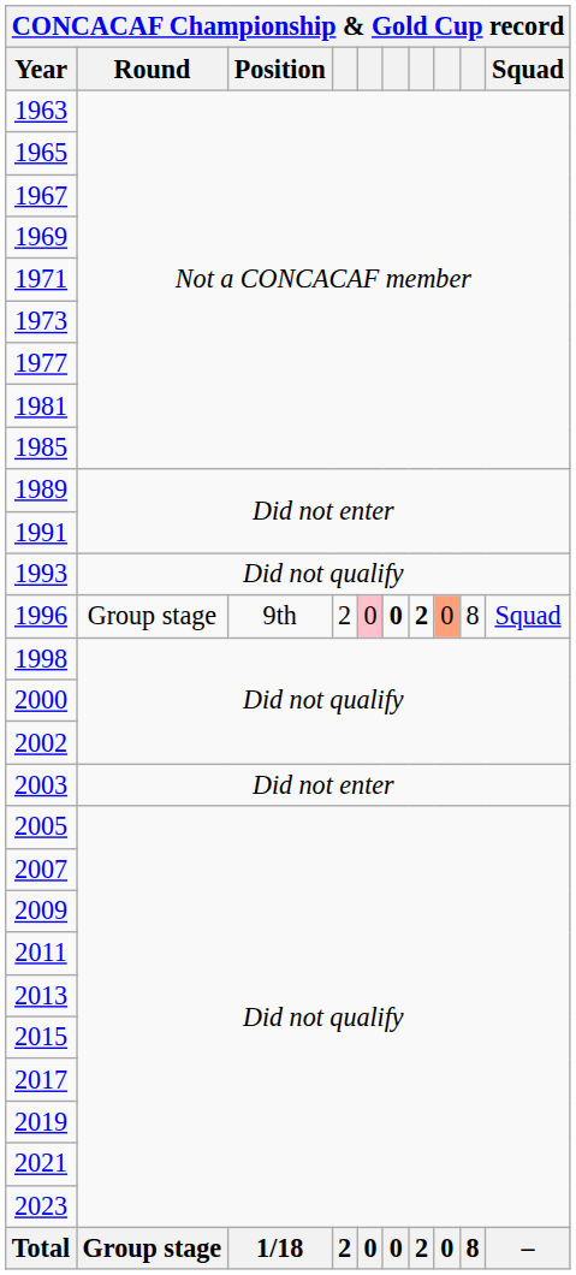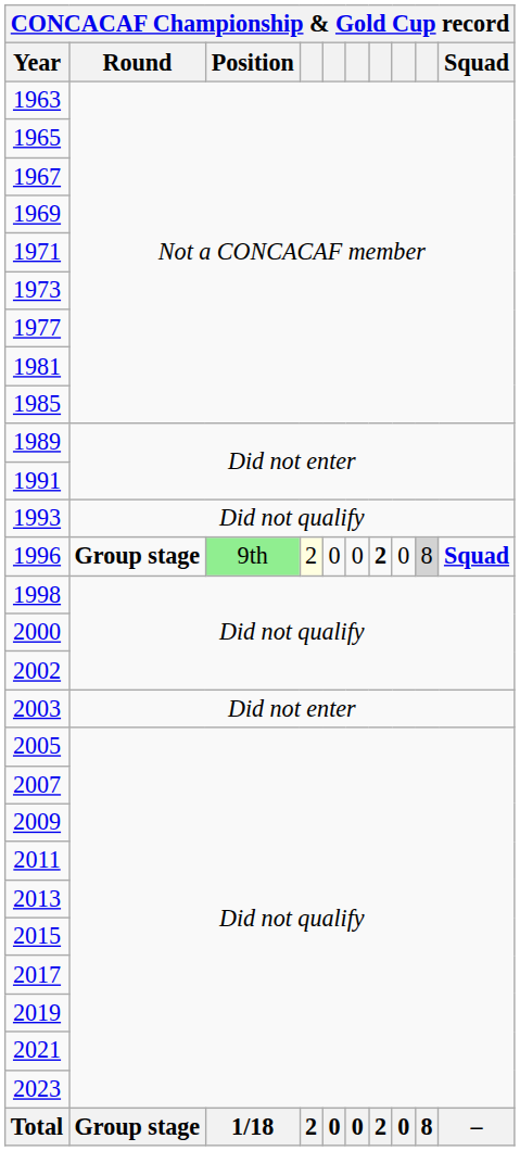 <table class="wikitable" style="text-align: center;">
 <tr>
 <th colspan=10><a href='#'>CONCACAF Championship</a> & <a href='#'>Gold Cup</a> record</th>
 </tr>
 <tr>
 <th>Year</th>
 <th>Round</th>
 <th>Position</th>
 <th></th>
 <th></th>
 <th></th>
 <th></th>
 <th></th>
 <th></th>
 <th>Squad</th>
 </tr>
 <tr>
 <td> <a href='#'>1963</a></td>
 <td colspan=9 rowspan=9><em>Not a CONCACAF member</em></td>
 </tr>
 <tr>
 <td> <a href='#'>1965</a></td>
 </tr>
 <tr>
 <td> <a href='#'>1967</a></td>
 </tr>
 <tr>
 <td> <a href='#'>1969</a></td>
 </tr>
 <tr>
 <td> <a href='#'>1971</a></td>
 </tr>
 <tr>
 <td> <a href='#'>1973</a></td>
 </tr>
 <tr>
 <td> <a href='#'>1977</a></td>
 </tr>
 <tr>
 <td> <a href='#'>1981</a></td>
 </tr>
 <tr>
 <td><a href='#'>1985</a></td>
 </tr>
 <tr>
 <td><a href='#'>1989</a></td>
 <td colspan=9 rowspan=2><em>Did not enter</em></td>
 </tr>
 <tr>
 <td> <a href='#'>1991</a></td>
 </tr>
 <tr>
 <td>  <a href='#'>1993</a></td>
 <td colspan=9><em>Did not qualify</em></td>
 </tr>
 <tr>
 <td> <a href='#'>1996</a></td>
-<td>Group stage</td>
-<td>9th</td>
-<td>2</td>
-<td style="background: pink;">0</td>
-<td><strong>0</strong></td>
+<td><strong>Group stage</strong></td>
+<td style="background: lightgreen;">9th</td>
+<td style="background: lightyellow;">2</td>
+<td>0</td>
+<td>0</td>
 <td><strong>2</strong></td>
-<td style="background: lightsalmon;">0</td>
-<td>8</td>
-<td><a href='#'>Squad</a></td>
+<td>0</td>
+<td style="background: lightgrey;">8</td>
+<td><strong><a href='#'>Squad</a></strong></td>
 </tr>
 <tr>
 <td> <a href='#'>1998</a></td>
 <td colspan=9 rowspan=3><em>Did not qualify</em></td>
 </tr>
 <tr>
 <td> <a href='#'>2000</a></td>
 </tr>
 <tr>
 <td> <a href='#'>2002</a></td>
 </tr>
 <tr>
 <td>  <a href='#'>2003</a></td>
 <td colspan=9><em>Did not enter</em></td>
 </tr>
 <tr>
 <td> <a href='#'>2005</a></td>
 <td colspan=9 rowspan=10><em>Did not qualify</em></td>
 </tr>
 <tr>
 <td> <a href='#'>2007</a></td>
 </tr>
 <tr>
 <td> <a href='#'>2009</a></td>
 </tr>
 <tr>
 <td> <a href='#'>2011</a></td>
 </tr>
 <tr>
 <td> <a href='#'>2013</a></td>
 </tr>
 <tr>
 <td>  <a href='#'>2015</a></td>
 </tr>
 <tr>
 <td> <a href='#'>2017</a></td>
 </tr>
 <tr>
 <td>   <a href='#'>2019</a></td>
 </tr>
 <tr>
 <td> <a href='#'>2021</a></td>
 </tr>
 <tr>
 <td>  <a href='#'>2023</a></td>
 </tr>
 <tr>
 <th>Total</th>
 <th>Group stage</th>
 <th>1/18</th>
 <th>2</th>
 <th>0</th>
 <th>0</th>
 <th>2</th>
 <th>0</th>
 <th>8</th>
 <th>–</th>
 </tr>
 </table>
